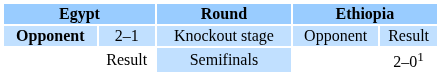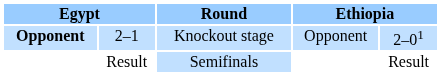 <table style="width:70%; text-align:center;">
 <tr style="vertical-align:top; background:#9cf;">
 <th colspan=2 style="width:1*">Egypt</th>
 <th><strong>Round</strong></th>
 <th colspan=2 style="width:1*">Ethiopia</th>
 </tr>
 <tr style="vertical-align:top; background:#c1e0ff;">
 <td><strong>Opponent</strong></td>
 <td>2–1</td>
 <td>Knockout stage</td>
 <td>Opponent</td>
-<td>Result</td>
+<td>2–0<sup>1</sup></td>
 </tr>
 <tr>
 <td align=left></td>
 <td>Result</td>
 <td style="background:#c1e0ff;">Semifinals</td>
 <td align=left></td>
-<td>2–0<sup>1</sup></td>
+<td>Result</td>
 </tr>
 </table>
